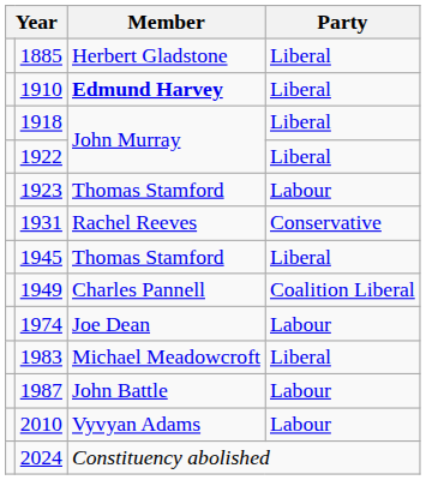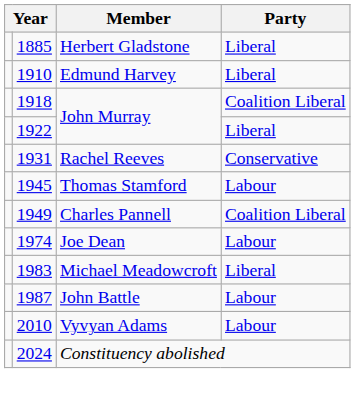 <table class="wikitable">
 <tr>
 <th colspan="2">Year</th>
 <th>Member</th>
 <th>Party</th>
 </tr>
 <tr>
 <td style="color:inherit;background-color: "></td>
 <td><a href='#'>1885</a></td>
 <td><a href='#'>Herbert Gladstone</a></td>
 <td><a href='#'>Liberal</a></td>
 </tr>
 <tr>
 <td style="color:inherit;background-color: "></td>
 <td><a href='#'>1910</a></td>
-<td><strong><a href='#'>Edmund Harvey</a></strong></td>
+<td><a href='#'>Edmund Harvey</a></td>
 <td><a href='#'>Liberal</a></td>
 </tr>
 <tr>
 <td style="color:inherit;background-color: "></td>
 <td><a href='#'>1918</a></td>
 <td rowspan="2"><a href='#'>John Murray</a></td>
-<td><a href='#'>Liberal</a></td>
+<td><a href='#'>Coalition Liberal</a></td>
 </tr>
 <tr>
 <td style="color:inherit;background-color: "></td>
 <td><a href='#'>1922</a></td>
 <td><a href='#'>Liberal</a></td>
-</tr>
-<tr>
-<td style="color:inherit;background-color: "></td>
-<td><a href='#'>1923</a></td>
-<td><a href='#'>Thomas Stamford</a></td>
-<td><a href='#'>Labour</a></td>
 </tr>
 <tr>
 <td style="color:inherit;background-color: "></td>
 <td><a href='#'>1931</a></td>
 <td><a href='#'>Rachel Reeves</a></td>
 <td><a href='#'>Conservative</a></td>
 </tr>
 <tr>
 <td style="color:inherit;background-color: "></td>
 <td><a href='#'>1945</a></td>
 <td><a href='#'>Thomas Stamford</a></td>
-<td><a href='#'>Liberal</a></td>
+<td><a href='#'>Labour</a></td>
 </tr>
 <tr>
 <td style="color:inherit;background-color: "></td>
 <td><a href='#'>1949</a></td>
 <td><a href='#'>Charles Pannell</a></td>
 <td><a href='#'>Coalition Liberal</a></td>
 </tr>
 <tr>
 <td style="color:inherit;background-color: "></td>
 <td><a href='#'>1974</a></td>
 <td><a href='#'>Joe Dean</a></td>
 <td><a href='#'>Labour</a></td>
 </tr>
 <tr>
 <td style="color:inherit;background-color: "></td>
 <td><a href='#'>1983</a></td>
 <td><a href='#'>Michael Meadowcroft</a></td>
 <td><a href='#'>Liberal</a></td>
 </tr>
 <tr>
 <td style="color:inherit;background-color: "></td>
 <td><a href='#'>1987</a></td>
 <td><a href='#'>John Battle</a></td>
 <td><a href='#'>Labour</a></td>
 </tr>
 <tr>
 <td style="color:inherit;background-color: "></td>
 <td><a href='#'>2010</a></td>
 <td><a href='#'>Vyvyan Adams</a></td>
 <td><a href='#'>Labour</a></td>
 </tr>
 <tr>
 <td></td>
 <td><a href='#'>2024</a></td>
 <td colspan="2"><em>Constituency abolished</em></td>
 </tr>
 </table>
